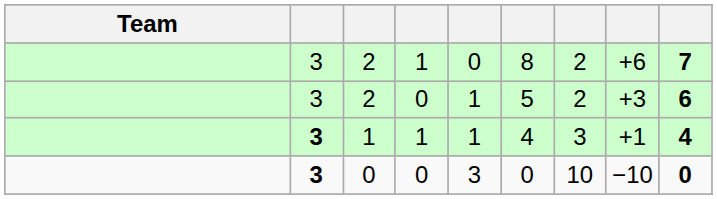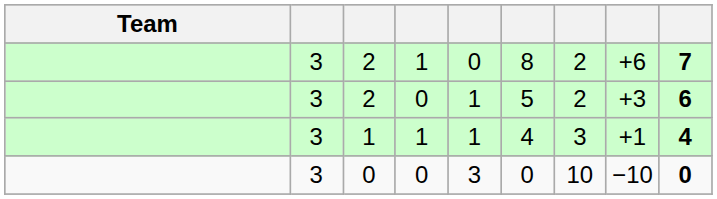 <table class="wikitable" style="text-align: center; font-size: 90%;">
 <tr>
 <th width="165">Team</th>
 <th width="25"></th>
 <th width="25"></th>
 <th width="25"></th>
 <th width="25"></th>
 <th width="25"></th>
 <th width="25"></th>
 <th width="25"></th>
 <th width="25"></th>
 </tr>
 <tr style="background:#ccffcc;">
 <td align=left></td>
 <td>3</td>
 <td>2</td>
 <td>1</td>
 <td>0</td>
 <td>8</td>
 <td>2</td>
 <td>+6</td>
 <td><strong>7</strong></td>
 </tr>
 <tr style="background:#ccffcc;">
 <td align=left></td>
 <td>3</td>
 <td>2</td>
 <td>0</td>
 <td>1</td>
 <td>5</td>
 <td>2</td>
 <td>+3</td>
 <td><strong>6</strong></td>
 </tr>
 <tr style="background:#ccffcc;">
 <td align=left></td>
-<td><strong>3</strong></td>
+<td>3</td>
 <td>1</td>
 <td>1</td>
 <td>1</td>
 <td>4</td>
 <td>3</td>
 <td>+1</td>
 <td><strong>4</strong></td>
 </tr>
 <tr>
 <td align=left></td>
-<td><strong>3</strong></td>
+<td>3</td>
 <td>0</td>
 <td>0</td>
 <td>3</td>
 <td>0</td>
 <td>10</td>
 <td>−10</td>
 <td><strong>0</strong></td>
 </tr>
 </table>
